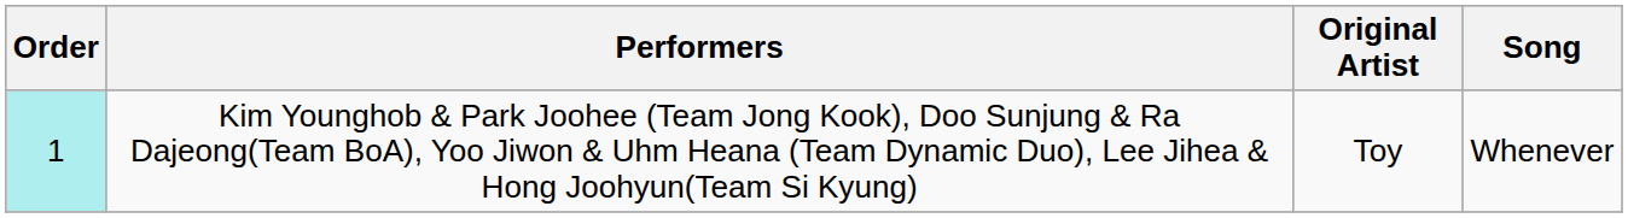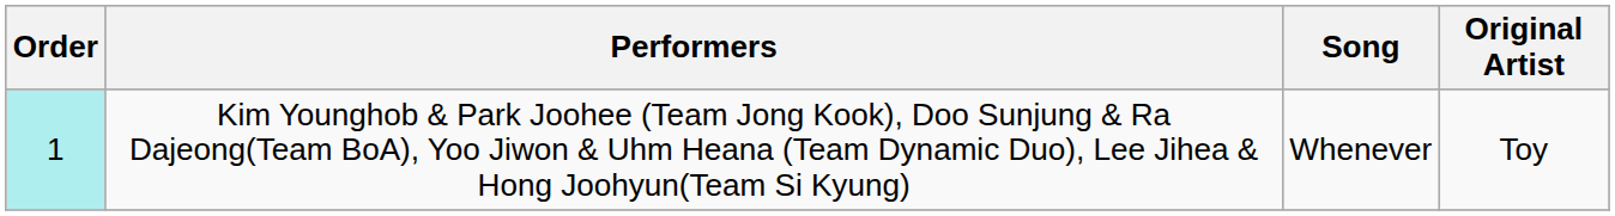 <table class="wikitable" style="text-align:center; width:65%;">
 <tr>
 <th>Order</th>
 <th>Performers</th>
+<th>Song</th>
 <th>Original Artist</th>
-<th>Song</th>
 </tr>
 <tr>
 <td style="background: paleturquoise;">1</td>
 <td>Kim Younghob & Park Joohee (Team Jong Kook), Doo Sunjung & Ra Dajeong(Team BoA), Yoo Jiwon & Uhm Heana (Team Dynamic Duo), Lee Jihea & Hong Joohyun(Team Si Kyung)</td>
+<td>Whenever</td>
 <td>Toy</td>
-<td>Whenever</td>
 </tr>
 </table>
